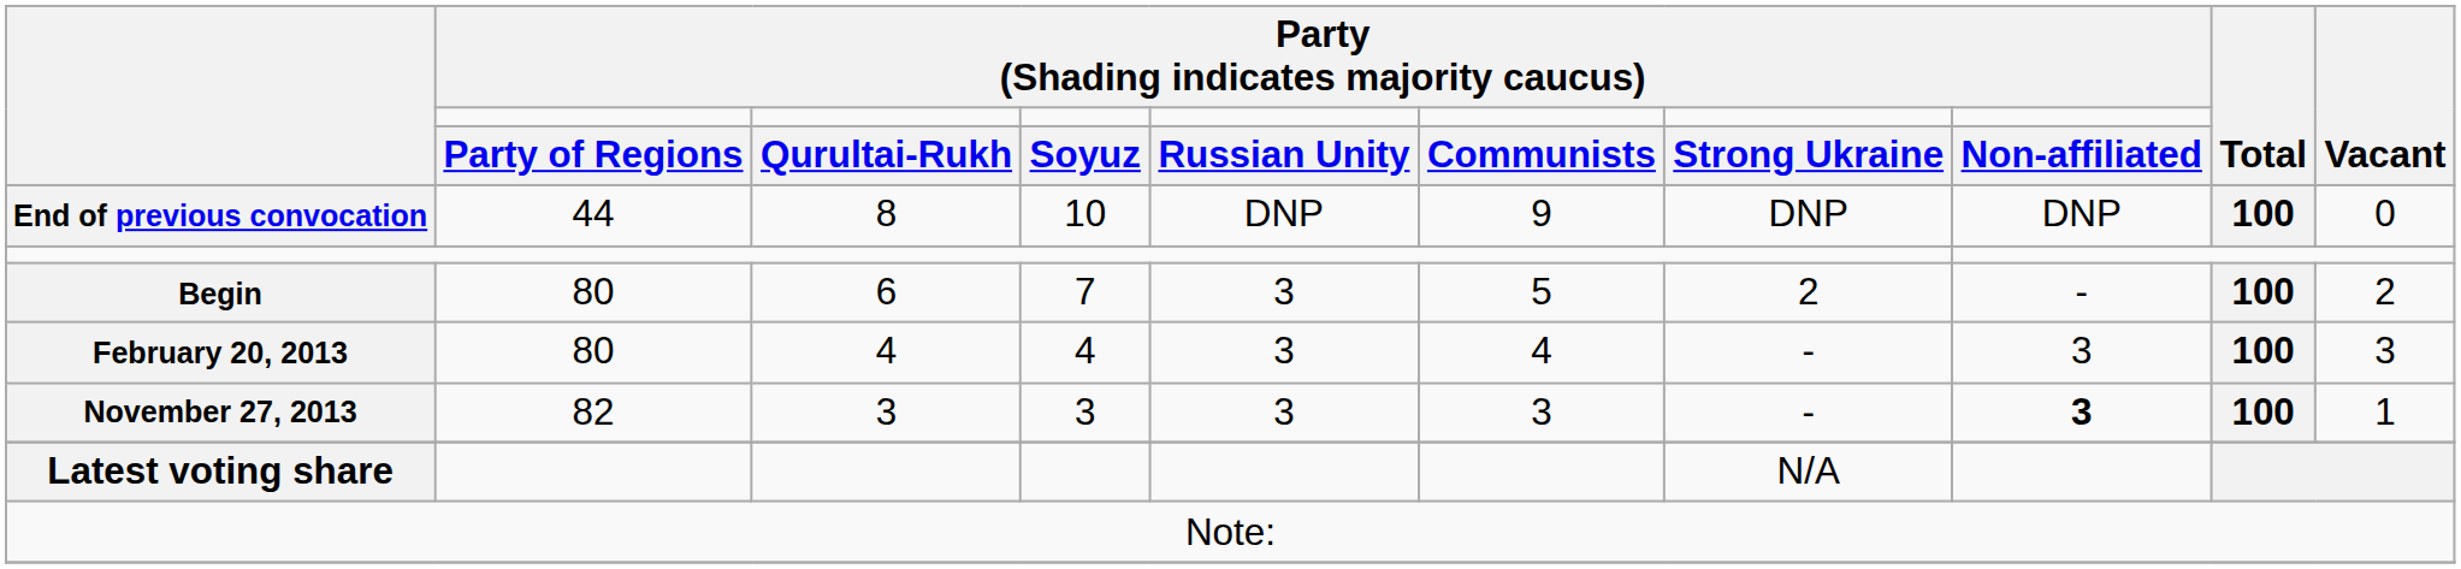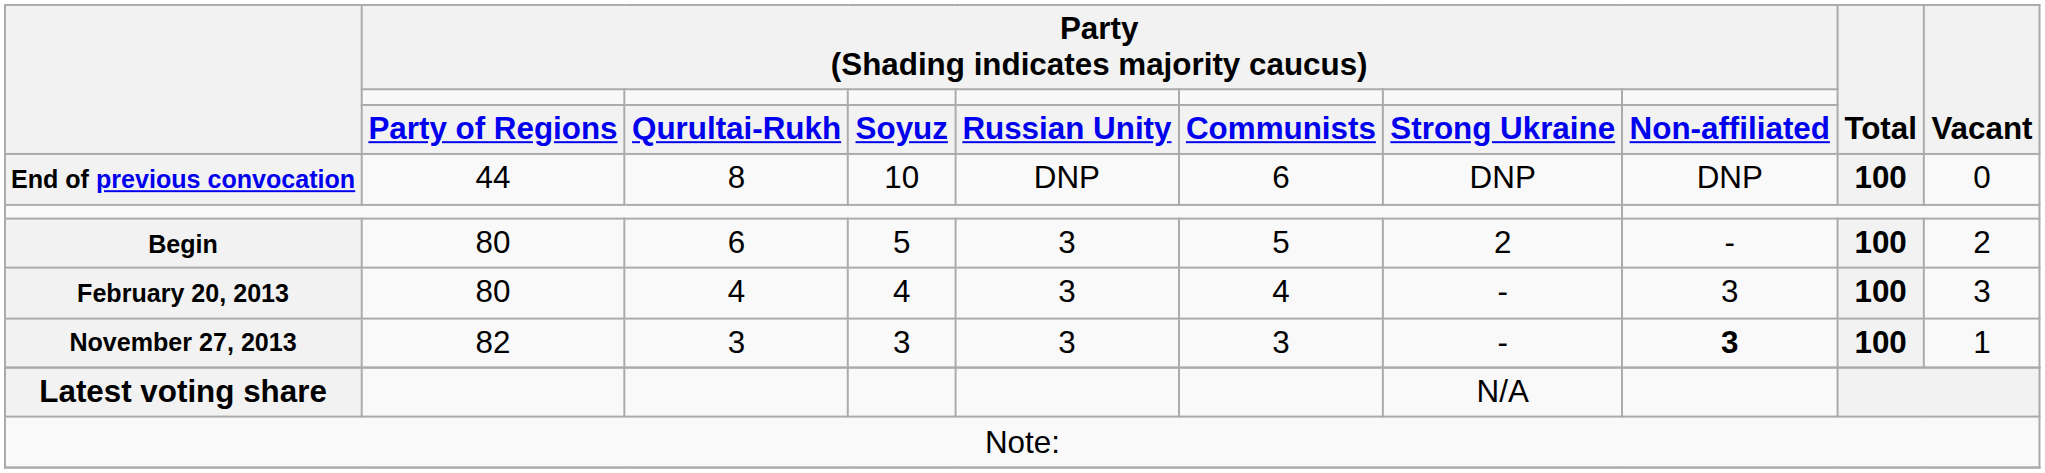 <table class=wikitable style="text-align:center">
 <tr style="vertical-align:bottom;">
 <th rowspan=3></th>
 <th colspan=7>Party <div>(Shading indicates majority caucus)</div></th>
 <th rowspan=3>Total</th>
 <th rowspan=3>Vacant</th>
 </tr>
 <tr style="height:5px">
 <td></td>
 <td></td>
 <td></td>
 <td></td>
 <td></td>
 <td></td>
 <td></td>
 </tr>
 <tr>
 <th><a href='#'>Party of Regions</a></th>
 <th><a href='#'>Qurultai-Rukh</a></th>
 <th><a href='#'>Soyuz</a></th>
 <th><a href='#'>Russian Unity</a></th>
 <th><a href='#'>Communists</a></th>
 <th><a href='#'>Strong Ukraine</a></th>
 <th><a href='#'>Non-affiliated</a></th>
 </tr>
 <tr>
 <th style="font-size:80%">End of <a href='#'>previous convocation</a></th>
 <td style="background:">44</td>
 <td>8</td>
 <td>10</td>
 <td>DNP</td>
-<td>9</td>
+<td>6</td>
 <td>DNP</td>
 <td>DNP</td>
 <th>100</th>
 <td>0</td>
 </tr>
 <tr>
 <td colspan=7></td>
 </tr>
 <tr>
 <th style="font-size:80%">Begin</th>
 <td style="background:">80</td>
 <td>6</td>
-<td>7</td>
+<td>5</td>
 <td>3</td>
 <td>5</td>
 <td>2</td>
 <td>-</td>
 <th>100</th>
 <td>2</td>
 </tr>
 <tr>
 <th style="font-size:80%">February 20, 2013</th>
 <td style="background:">80</td>
 <td>4</td>
 <td>4</td>
 <td>3</td>
 <td>4</td>
 <td>-</td>
 <td>3</td>
 <th>100</th>
 <td>3</td>
 </tr>
 <tr>
 <th style="font-size:80%">November 27, 2013</th>
 <td style="background:">82</td>
 <td>3</td>
 <td>3</td>
 <td>3</td>
 <td>3</td>
 <td>-</td>
 <td><strong>3</strong></td>
 <th>100</th>
 <td>1</td>
 </tr>
 <tr>
 </tr>
 <tr>
 <th>Latest voting share</th>
 <td style="background:"></td>
 <td></td>
 <td></td>
 <td></td>
 <td></td>
 <td>N/A</td>
 <td></td>
 <th colspan=2></th>
 </tr>
 <tr>
 <td colspan="12">Note:</td>
 </tr>
 <tr>
 </tr>
 </table>
